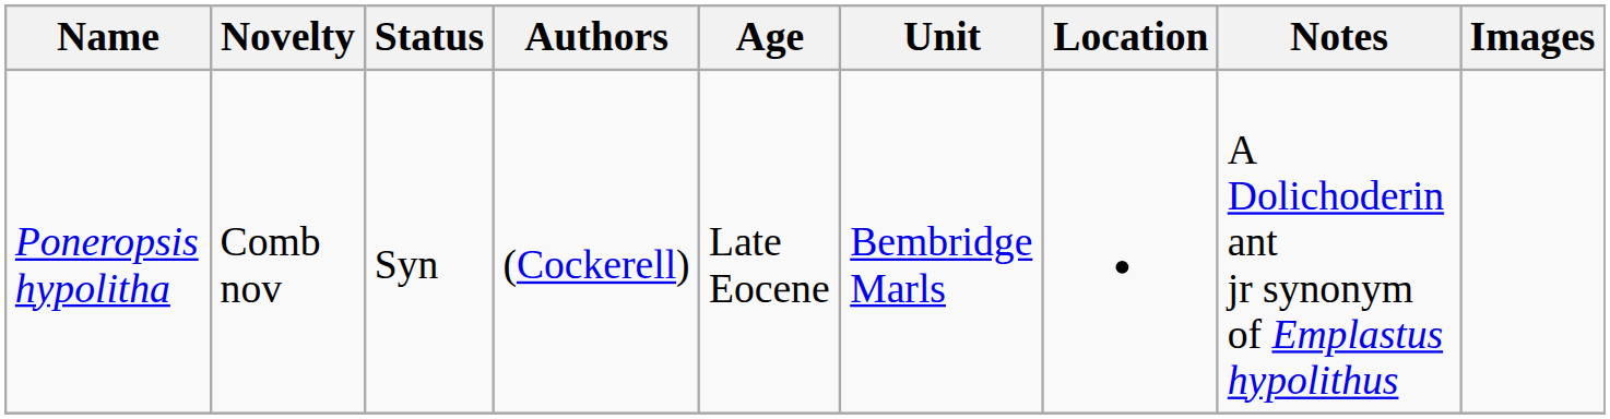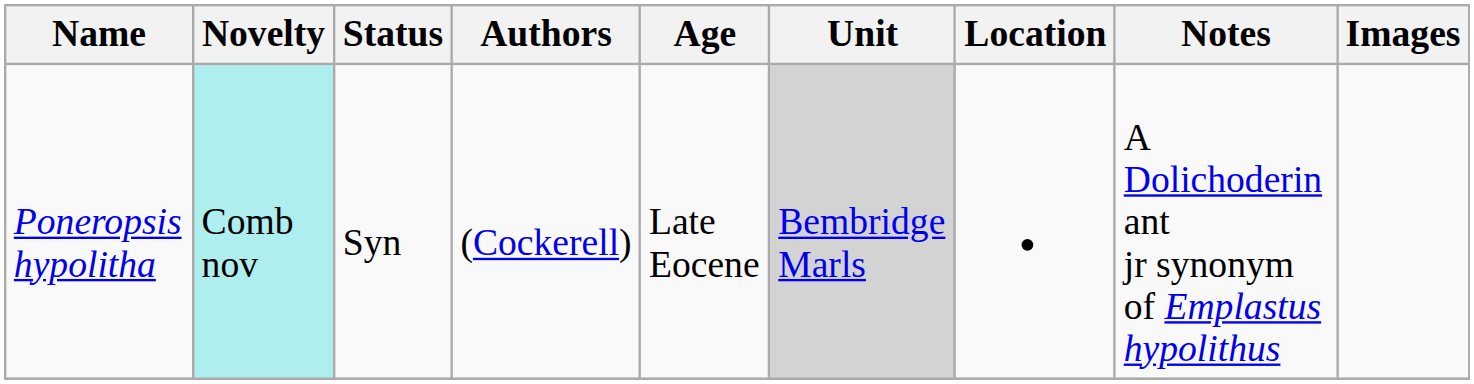 <table class="wikitable sortable" align="center" width="100%">
 <tr>
 <th>Name</th>
 <th>Novelty</th>
 <th>Status</th>
 <th>Authors</th>
 <th>Age</th>
 <th>Unit</th>
 <th>Location</th>
 <th>Notes</th>
 <th>Images</th>
 </tr>
 <tr>
 <td><br><em><a href='#'>Poneropsis hypolitha</a></em></td>
-<td><br>Comb nov</td>
+<td style="background: paleturquoise;"><br>Comb nov</td>
 <td><br>Syn</td>
 <td><br>(<a href='#'>Cockerell</a>)</td>
 <td><br>Late Eocene</td>
-<td><br><a href='#'>Bembridge Marls</a></td>
+<td style="background: lightgrey;"><br><a href='#'>Bembridge Marls</a></td>
 <td><br><ul><li></li></ul></td>
 <td><br>A <a href='#'>Dolichoderin</a> ant<br>jr synonym of <em><a href='#'>Emplastus hypolithus</a></em></td>
 <td><br></td>
 </tr>
 <tr>
 </tr>
 </table>
